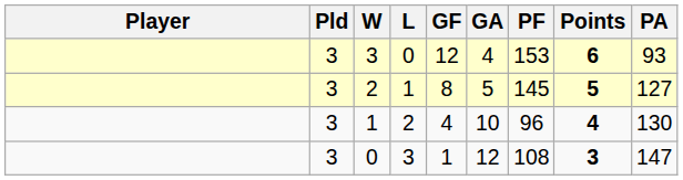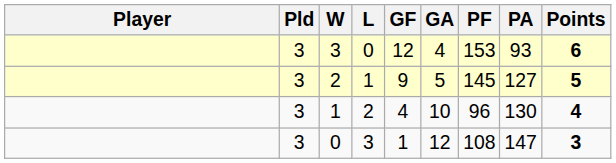 <table class=wikitable style="text-align:center">
 <tr>
 <th width=220>Player</th>
 <th width=20>Pld</th>
 <th width=20>W</th>
 <th width=20>L</th>
 <th width=20>GF</th>
 <th width=20>GA</th>
 <th width=20>PF</th>
+<th width=20>PA</th>
 <th width=50>Points</th>
-<th width=20>PA</th>
 </tr>
 <tr bgcolor=#ffffcc>
 <td align=left></td>
 <td>3</td>
 <td>3</td>
 <td>0</td>
 <td>12</td>
 <td>4</td>
 <td>153</td>
+<td>93</td>
 <td><strong>6</strong></td>
-<td>93</td>
 </tr>
 <tr bgcolor=#ffffcc>
 <td align=left></td>
 <td>3</td>
 <td>2</td>
 <td>1</td>
-<td>8</td>
+<td>9</td>
 <td>5</td>
 <td>145</td>
+<td>127</td>
 <td><strong>5</strong></td>
-<td>127</td>
 </tr>
 <tr>
 <td align=left></td>
 <td>3</td>
 <td>1</td>
 <td>2</td>
 <td>4</td>
 <td>10</td>
 <td>96</td>
+<td>130</td>
 <td><strong>4</strong></td>
-<td>130</td>
 </tr>
 <tr>
 <td align=left></td>
 <td>3</td>
 <td>0</td>
 <td>3</td>
 <td>1</td>
 <td>12</td>
 <td>108</td>
+<td>147</td>
 <td><strong>3</strong></td>
-<td>147</td>
 </tr>
 </table>
